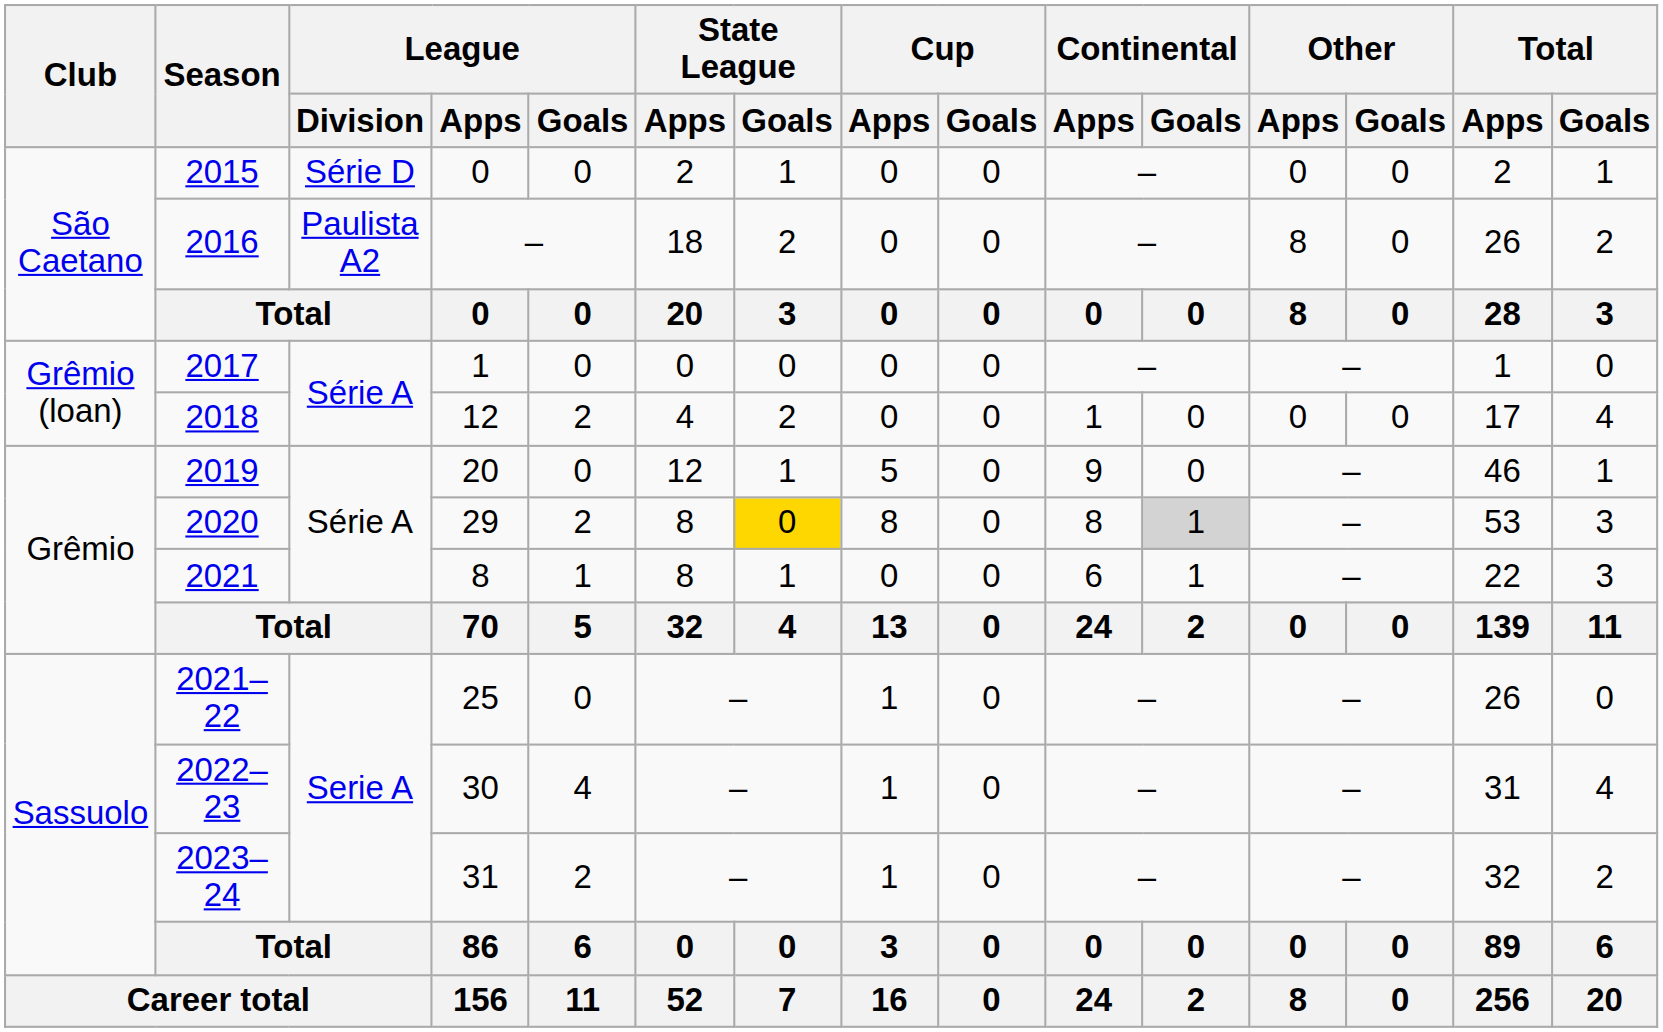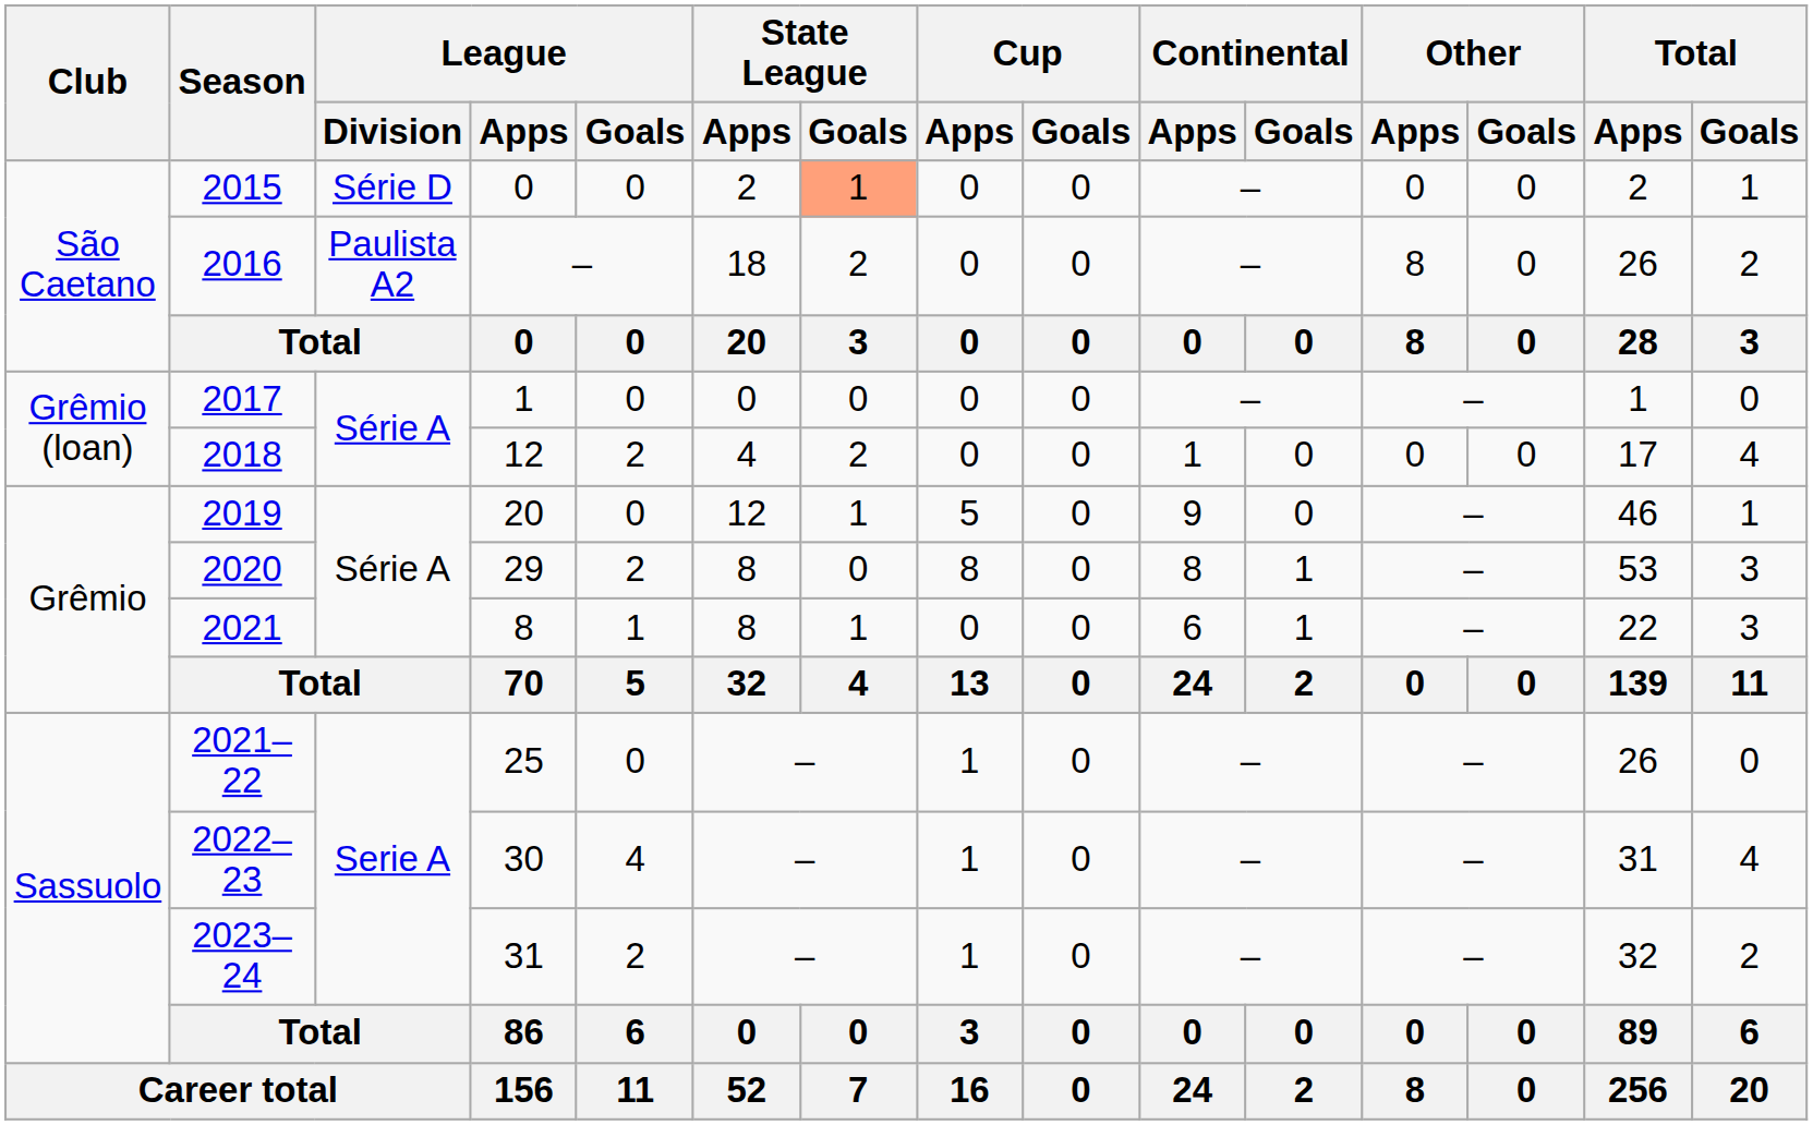 <table class="wikitable" style="text-align:center">
 <tr>
 <th rowspan="2">Club</th>
 <th rowspan="2">Season</th>
 <th colspan="3">League</th>
 <th colspan="2">State League</th>
 <th colspan="2">Cup</th>
 <th colspan="2">Continental</th>
 <th colspan="2">Other</th>
 <th colspan="2">Total</th>
 </tr>
 <tr>
 <th>Division</th>
 <th>Apps</th>
 <th>Goals</th>
 <th>Apps</th>
 <th>Goals</th>
 <th>Apps</th>
 <th>Goals</th>
 <th>Apps</th>
 <th>Goals</th>
 <th>Apps</th>
 <th>Goals</th>
 <th>Apps</th>
 <th>Goals</th>
 </tr>
 <tr>
 <td rowspan="3"><a href='#'>São Caetano</a></td>
 <td><a href='#'>2015</a></td>
 <td><a href='#'>Série D</a></td>
 <td>0</td>
 <td>0</td>
 <td>2</td>
-<td>1</td>
+<td style="background: lightsalmon;">1</td>
 <td>0</td>
 <td>0</td>
 <td colspan="2">–</td>
 <td>0</td>
 <td>0</td>
 <td>2</td>
 <td>1</td>
 </tr>
 <tr>
 <td><a href='#'>2016</a></td>
 <td><a href='#'>Paulista A2</a></td>
 <td colspan="2">–</td>
 <td>18</td>
 <td>2</td>
 <td>0</td>
 <td>0</td>
 <td colspan="2">–</td>
 <td>8</td>
 <td>0</td>
 <td>26</td>
 <td>2</td>
 </tr>
 <tr>
 <th colspan="2">Total</th>
 <th>0</th>
 <th>0</th>
 <th>20</th>
 <th>3</th>
 <th>0</th>
 <th>0</th>
 <th>0</th>
 <th>0</th>
 <th>8</th>
 <th>0</th>
 <th>28</th>
 <th>3</th>
 </tr>
 <tr>
 <td rowspan="2"><a href='#'>Grêmio</a> (loan)</td>
 <td><a href='#'>2017</a></td>
 <td rowspan="2"><a href='#'>Série A</a></td>
 <td>1</td>
 <td>0</td>
 <td>0</td>
 <td>0</td>
 <td>0</td>
 <td>0</td>
 <td colspan="2">–</td>
 <td colspan="2">–</td>
 <td>1</td>
 <td>0</td>
 </tr>
 <tr>
 <td><a href='#'>2018</a></td>
 <td>12</td>
 <td>2</td>
 <td>4</td>
 <td>2</td>
 <td>0</td>
 <td>0</td>
 <td>1</td>
 <td>0</td>
 <td>0</td>
 <td>0</td>
 <td>17</td>
 <td>4</td>
 </tr>
 <tr>
 <td rowspan="4">Grêmio</td>
 <td><a href='#'>2019</a></td>
 <td rowspan="3">Série A</td>
 <td>20</td>
 <td>0</td>
 <td>12</td>
 <td>1</td>
 <td>5</td>
 <td>0</td>
 <td>9</td>
 <td>0</td>
 <td colspan="2">–</td>
 <td>46</td>
 <td>1</td>
 </tr>
 <tr>
 <td><a href='#'>2020</a></td>
 <td>29</td>
 <td>2</td>
 <td>8</td>
-<td style="background: gold;">0</td>
+<td>0</td>
 <td>8</td>
 <td>0</td>
 <td>8</td>
-<td style="background: lightgrey;">1</td>
+<td>1</td>
 <td colspan="2">–</td>
 <td>53</td>
 <td>3</td>
 </tr>
 <tr>
 <td><a href='#'>2021</a></td>
 <td>8</td>
 <td>1</td>
 <td>8</td>
 <td>1</td>
 <td>0</td>
 <td>0</td>
 <td>6</td>
 <td>1</td>
 <td colspan="2">–</td>
 <td>22</td>
 <td>3</td>
 </tr>
 <tr>
 <th colspan="2">Total</th>
 <th>70</th>
 <th>5</th>
 <th>32</th>
 <th>4</th>
 <th>13</th>
 <th>0</th>
 <th>24</th>
 <th>2</th>
 <th>0</th>
 <th>0</th>
 <th>139</th>
 <th>11</th>
 </tr>
 <tr>
 <td rowspan="4"><a href='#'>Sassuolo</a></td>
 <td><a href='#'>2021–22</a></td>
 <td rowspan="3"><a href='#'>Serie A</a></td>
 <td>25</td>
 <td>0</td>
 <td colspan="2">–</td>
 <td>1</td>
 <td>0</td>
 <td colspan="2">–</td>
 <td colspan="2">–</td>
 <td>26</td>
 <td>0</td>
 </tr>
 <tr>
 <td><a href='#'>2022–23</a></td>
 <td>30</td>
 <td>4</td>
 <td colspan="2">–</td>
 <td>1</td>
 <td>0</td>
 <td colspan="2">–</td>
 <td colspan="2">–</td>
 <td>31</td>
 <td>4</td>
 </tr>
 <tr>
 <td><a href='#'>2023–24</a></td>
 <td>31</td>
 <td>2</td>
 <td colspan="2">–</td>
 <td>1</td>
 <td>0</td>
 <td colspan="2">–</td>
 <td colspan="2">–</td>
 <td>32</td>
 <td>2</td>
 </tr>
 <tr>
 <th colspan="2">Total</th>
 <th>86</th>
 <th>6</th>
 <th>0</th>
 <th>0</th>
 <th>3</th>
 <th>0</th>
 <th>0</th>
 <th>0</th>
 <th>0</th>
 <th>0</th>
 <th>89</th>
 <th>6</th>
 </tr>
 <tr>
 <th colspan="3">Career total</th>
 <th>156</th>
 <th>11</th>
 <th>52</th>
 <th>7</th>
 <th>16</th>
 <th>0</th>
 <th>24</th>
 <th>2</th>
 <th>8</th>
 <th>0</th>
 <th>256</th>
 <th>20</th>
 </tr>
 </table>
